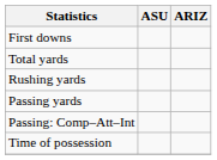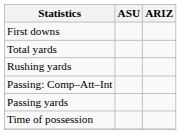 <table class="wikitable" style="float: left;">
 <tr>
 <th>Statistics</th>
 <th>ASU</th>
 <th>ARIZ</th>
 </tr>
 <tr>
 <td>First downs</td>
 <td></td>
 <td></td>
 </tr>
 <tr>
 <td>Total yards</td>
 <td></td>
 <td></td>
 </tr>
 <tr>
 <td>Rushing yards</td>
 <td></td>
 <td></td>
 </tr>
 <tr>
-<td>Passing yards</td>
+<td>Passing: Comp–Att–Int</td>
 <td></td>
 <td></td>
 </tr>
 <tr>
-<td>Passing: Comp–Att–Int</td>
+<td>Passing yards</td>
 <td></td>
 <td></td>
 </tr>
 <tr>
 <td>Time of possession</td>
 <td></td>
 <td></td>
 </tr>
 <tr>
 </tr>
 </table>
